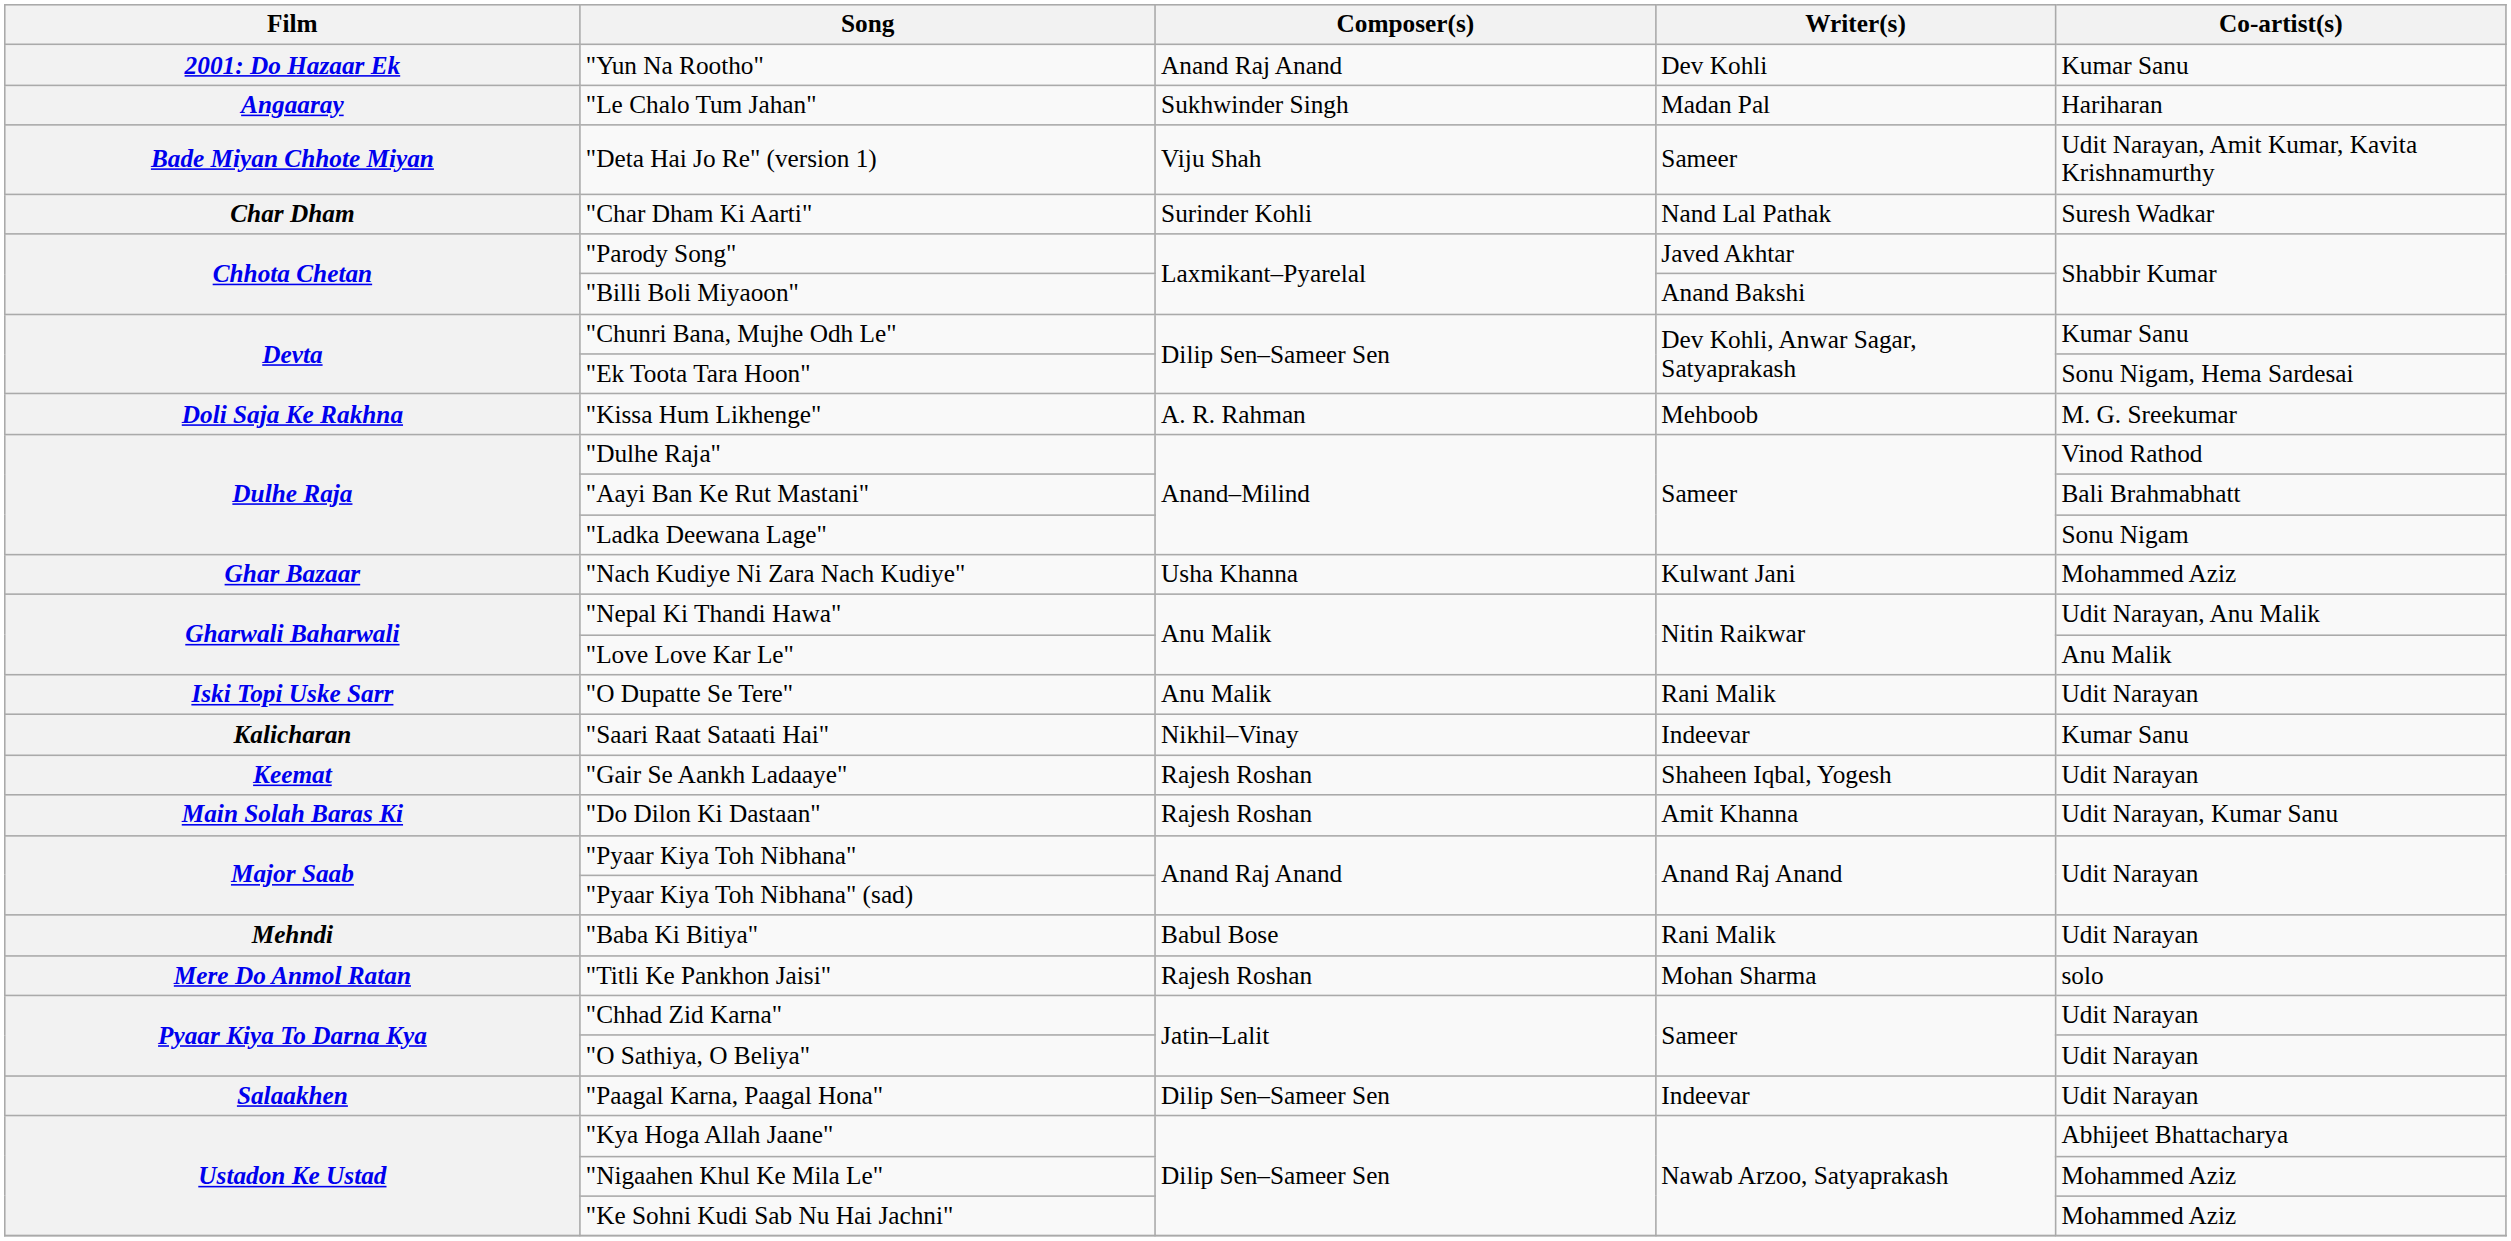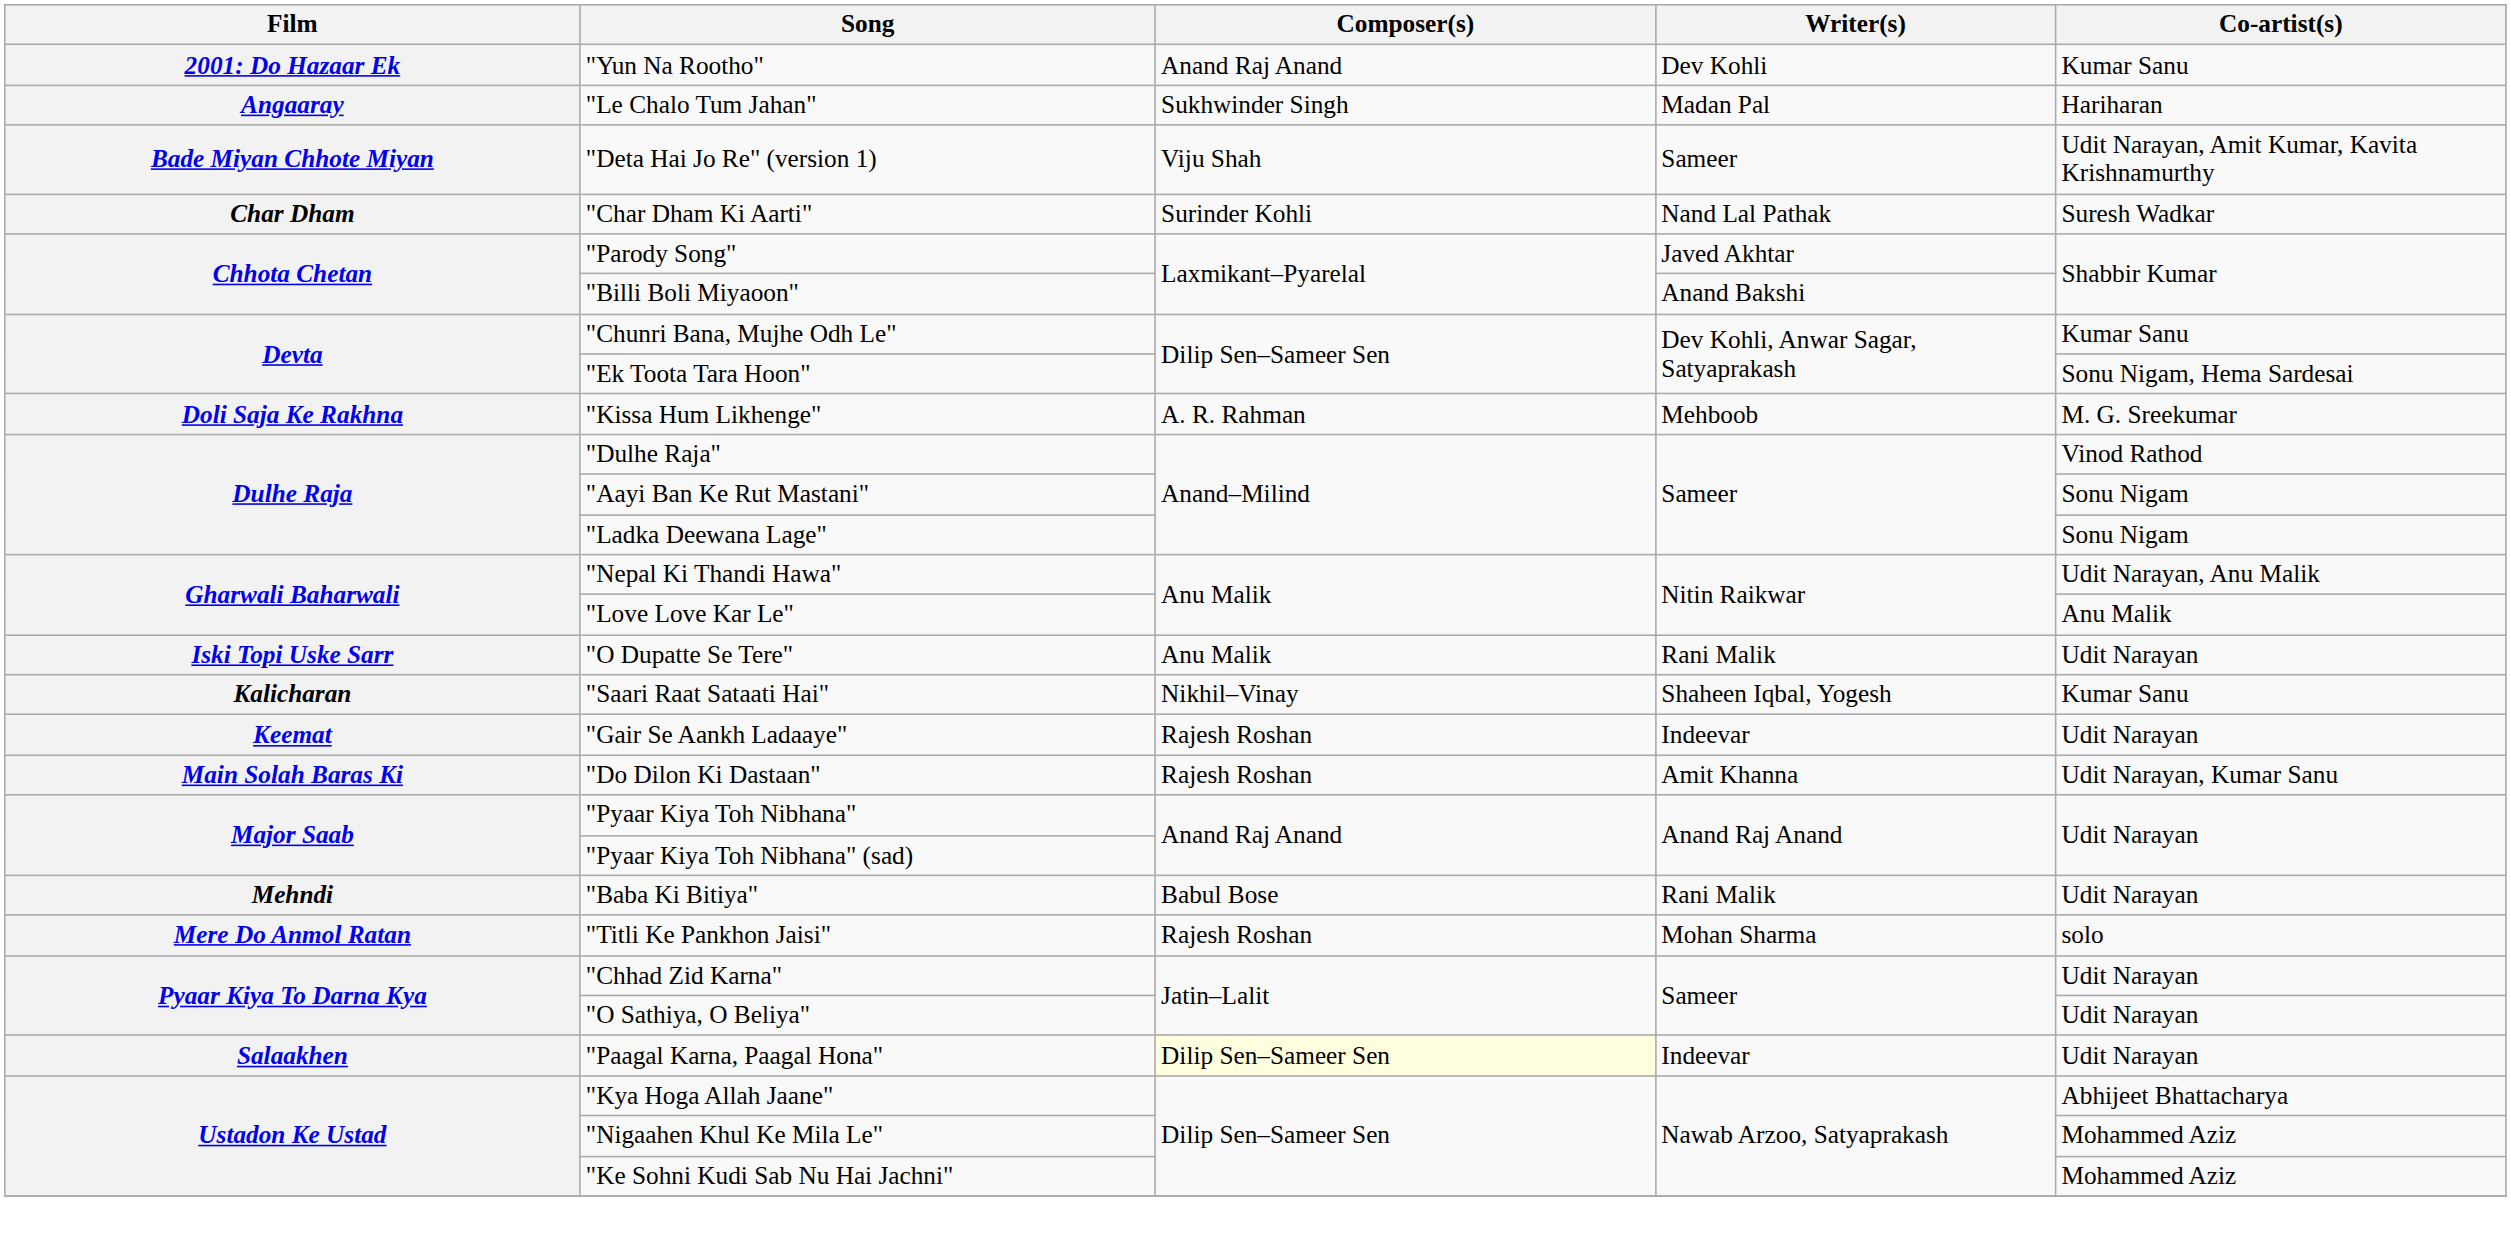 <table class="wikitable plainrowheaders" style="width:100%; textcolor:#000">
 <tr style="background:#b0e0e66;">
 <th scope="col" style="width:23%;"><strong>Film</strong></th>
 <th scope="col" style="width:23%;"><strong>Song</strong></th>
 <th scope="col" style="width:20%;"><strong>Composer(s)</strong></th>
 <th scope="col" style="width:16%;"><strong>Writer(s)</strong></th>
 <th scope="col" style="width:18%;"><strong>Co-artist(s)</strong></th>
 </tr>
 <tr>
 <th Rowspan=><em><a href='#'>2001: Do Hazaar Ek</a></em></th>
 <td>"Yun Na Rootho"</td>
 <td>Anand Raj Anand</td>
 <td>Dev Kohli</td>
 <td>Kumar Sanu</td>
 </tr>
 <tr>
 <th><em><a href='#'>Angaaray</a></em></th>
 <td>"Le Chalo Tum Jahan"</td>
 <td>Sukhwinder Singh</td>
 <td>Madan Pal</td>
 <td>Hariharan</td>
 </tr>
 <tr>
 <th><em><a href='#'>Bade Miyan Chhote Miyan</a></em></th>
 <td>"Deta Hai Jo Re" (version 1)</td>
 <td>Viju Shah</td>
 <td>Sameer</td>
 <td>Udit Narayan, Amit Kumar, Kavita Krishnamurthy</td>
 </tr>
 <tr>
 <th><em>Char Dham</em></th>
 <td>"Char Dham Ki Aarti"</td>
 <td>Surinder Kohli</td>
 <td>Nand Lal Pathak</td>
 <td>Suresh Wadkar</td>
 </tr>
 <tr>
 <th rowspan=2><em><a href='#'>Chhota Chetan</a></em></th>
 <td>"Parody Song"</td>
 <td rowspan=2>Laxmikant–Pyarelal</td>
 <td>Javed Akhtar</td>
 <td rowspan=2>Shabbir Kumar</td>
 </tr>
 <tr>
 <td>"Billi Boli Miyaoon"</td>
 <td>Anand Bakshi</td>
 </tr>
 <tr>
 <th Rowspan=2><em><a href='#'>Devta</a></em></th>
 <td>"Chunri Bana, Mujhe Odh Le"</td>
 <td rowspan=2>Dilip Sen–Sameer Sen</td>
 <td rowspan=2>Dev Kohli, Anwar Sagar, Satyaprakash</td>
 <td>Kumar Sanu</td>
 </tr>
 <tr>
 <td>"Ek Toota Tara Hoon"</td>
 <td>Sonu Nigam, Hema Sardesai</td>
 </tr>
 <tr>
 <th><em><a href='#'>Doli Saja Ke Rakhna</a></em></th>
 <td>"Kissa Hum Likhenge"</td>
 <td>A. R. Rahman</td>
 <td>Mehboob</td>
 <td>M. G. Sreekumar</td>
 </tr>
 <tr>
 <th Rowspan=3><em><a href='#'>Dulhe Raja</a></em></th>
 <td>"Dulhe Raja"</td>
 <td rowspan=3>Anand–Milind</td>
 <td Rowspan=3>Sameer</td>
 <td>Vinod Rathod</td>
 </tr>
 <tr>
 <td>"Aayi Ban Ke Rut Mastani"</td>
-<td>Bali Brahmabhatt</td>
+<td>Sonu Nigam</td>
 </tr>
 <tr>
 <td>"Ladka Deewana Lage"</td>
 <td>Sonu Nigam</td>
-</tr>
-<tr>
-<th><em><a href='#'>Ghar Bazaar</a></em></th>
-<td>"Nach Kudiye Ni Zara Nach Kudiye"</td>
-<td>Usha Khanna</td>
-<td>Kulwant Jani</td>
-<td>Mohammed Aziz</td>
 </tr>
 <tr>
 <th Rowspan=2><em><a href='#'>Gharwali Baharwali</a></em></th>
 <td>"Nepal Ki Thandi Hawa"</td>
 <td rowspan=2>Anu Malik</td>
 <td rowspan=2>Nitin Raikwar</td>
 <td>Udit Narayan, Anu Malik</td>
 </tr>
 <tr>
 <td>"Love Love Kar Le"</td>
 <td>Anu Malik</td>
 </tr>
 <tr>
 <th><em><a href='#'>Iski Topi Uske Sarr</a></em></th>
 <td>"O Dupatte Se Tere"</td>
 <td>Anu Malik</td>
 <td>Rani Malik</td>
 <td>Udit Narayan</td>
 </tr>
 <tr>
 <th><em>Kalicharan</em></th>
 <td>"Saari Raat Sataati Hai"</td>
 <td>Nikhil–Vinay</td>
-<td>Indeevar</td>
+<td>Shaheen Iqbal, Yogesh</td>
 <td>Kumar Sanu</td>
 </tr>
 <tr>
 <th><em><a href='#'>Keemat</a></em></th>
 <td>"Gair Se Aankh Ladaaye"</td>
 <td>Rajesh Roshan</td>
-<td>Shaheen Iqbal, Yogesh</td>
+<td>Indeevar</td>
 <td>Udit Narayan</td>
 </tr>
 <tr>
 <th><em><a href='#'>Main Solah Baras Ki</a></em></th>
 <td>"Do Dilon Ki Dastaan"</td>
 <td>Rajesh Roshan</td>
 <td>Amit Khanna</td>
 <td>Udit Narayan, Kumar Sanu</td>
 </tr>
 <tr>
 <th Rowspan=2><em><a href='#'>Major Saab</a></em></th>
 <td>"Pyaar Kiya Toh Nibhana"</td>
 <td rowspan=2>Anand Raj Anand</td>
 <td rowspan=2>Anand Raj Anand</td>
 <td rowspan=2>Udit Narayan</td>
 </tr>
 <tr>
 <td>"Pyaar Kiya Toh Nibhana" (sad)</td>
 </tr>
 <tr>
 <th><em>Mehndi</em></th>
 <td>"Baba Ki Bitiya"</td>
 <td>Babul Bose</td>
 <td>Rani Malik</td>
 <td>Udit Narayan</td>
 </tr>
 <tr>
 <th><em><a href='#'>Mere Do Anmol Ratan</a></em></th>
 <td>"Titli Ke Pankhon Jaisi"</td>
 <td>Rajesh Roshan</td>
 <td>Mohan Sharma</td>
 <td>solo</td>
 </tr>
 <tr>
 <th Rowspan=2><em><a href='#'>Pyaar Kiya To Darna Kya</a></em></th>
 <td>"Chhad Zid Karna"</td>
 <td rowspan=2>Jatin–Lalit</td>
 <td rowspan=2>Sameer</td>
 <td>Udit Narayan</td>
 </tr>
 <tr>
 <td>"O Sathiya, O Beliya"</td>
 <td>Udit Narayan</td>
 </tr>
 <tr>
 <th><em><a href='#'>Salaakhen</a></em></th>
 <td>"Paagal Karna, Paagal Hona"</td>
-<td>Dilip Sen–Sameer Sen</td>
+<td style="background: lightyellow;">Dilip Sen–Sameer Sen</td>
 <td>Indeevar</td>
 <td>Udit Narayan</td>
 </tr>
 <tr>
 <th Rowspan=3><em><a href='#'>Ustadon Ke Ustad</a></em></th>
 <td>"Kya Hoga Allah Jaane"</td>
 <td Rowspan=3>Dilip Sen–Sameer Sen</td>
 <td Rowspan=3>Nawab Arzoo, Satyaprakash</td>
 <td>Abhijeet Bhattacharya</td>
 </tr>
 <tr>
 <td>"Nigaahen Khul Ke Mila Le"</td>
 <td>Mohammed Aziz</td>
 </tr>
 <tr>
 <td>"Ke Sohni Kudi Sab Nu Hai Jachni"</td>
 <td>Mohammed Aziz</td>
 </tr>
 <tr>
 </tr>
 </table>
